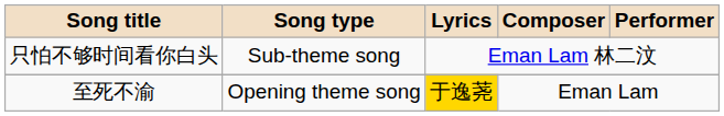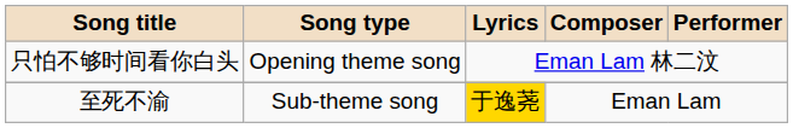 <table class="wikitable" align=center>
 <tr>
 <th style="background:#f2dfc6;">Song title</th>
 <th style="background:#f2dfc6;">Song type</th>
 <th style="background:#f2dfc6;">Lyrics</th>
 <th style="background:#f2dfc6;">Composer</th>
 <th style="background:#f2dfc6;">Performer</th>
 </tr>
 <tr>
 <td align="center">只怕不够时间看你白头</td>
-<td align="center">Sub-theme song</td>
+<td align="center">Opening theme song</td>
 <td colspan=3 align="center"><a href='#'>Eman Lam</a> 林二汶</td>
 </tr>
 <tr>
 </tr>
 <tr>
 <td align="center">至死不渝</td>
-<td align="center">Opening theme song</td>
+<td align="center">Sub-theme song</td>
 <td align="center" style="background: gold;">于逸荛</td>
 <td colspan=2 align="center">Eman Lam</td>
 </tr>
 </table>
